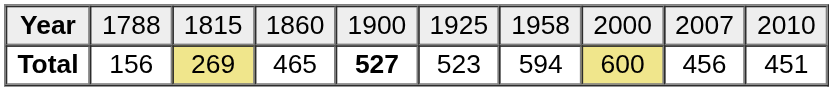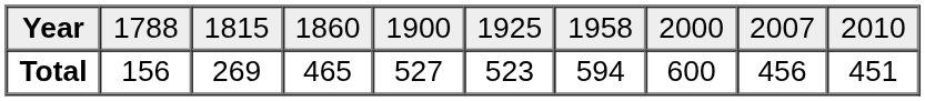 <table border="1" cellpadding="2" cellspacing="0" width="500">
 <tr bgcolor="#eeeeee" align="center">
 <td><strong>Year</strong></td>
 <td>1788</td>
 <td>1815</td>
 <td>1860</td>
 <td>1900</td>
 <td>1925</td>
 <td>1958</td>
 <td>2000</td>
 <td>2007</td>
 <td>2010</td>
 </tr>
 <tr align="center">
 <td><strong>Total</strong></td>
 <td>156</td>
-<td style="background: khaki;">269</td>
+<td>269</td>
 <td>465</td>
-<td><strong>527</strong></td>
+<td>527</td>
 <td>523</td>
 <td>594</td>
-<td style="background: khaki;">600</td>
+<td>600</td>
 <td>456</td>
 <td>451</td>
 </tr>
 </table>
